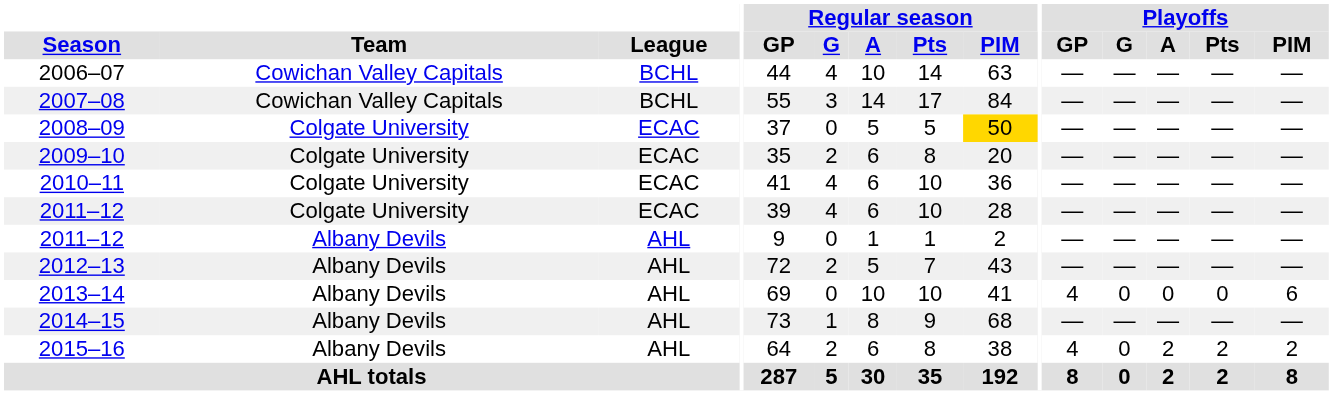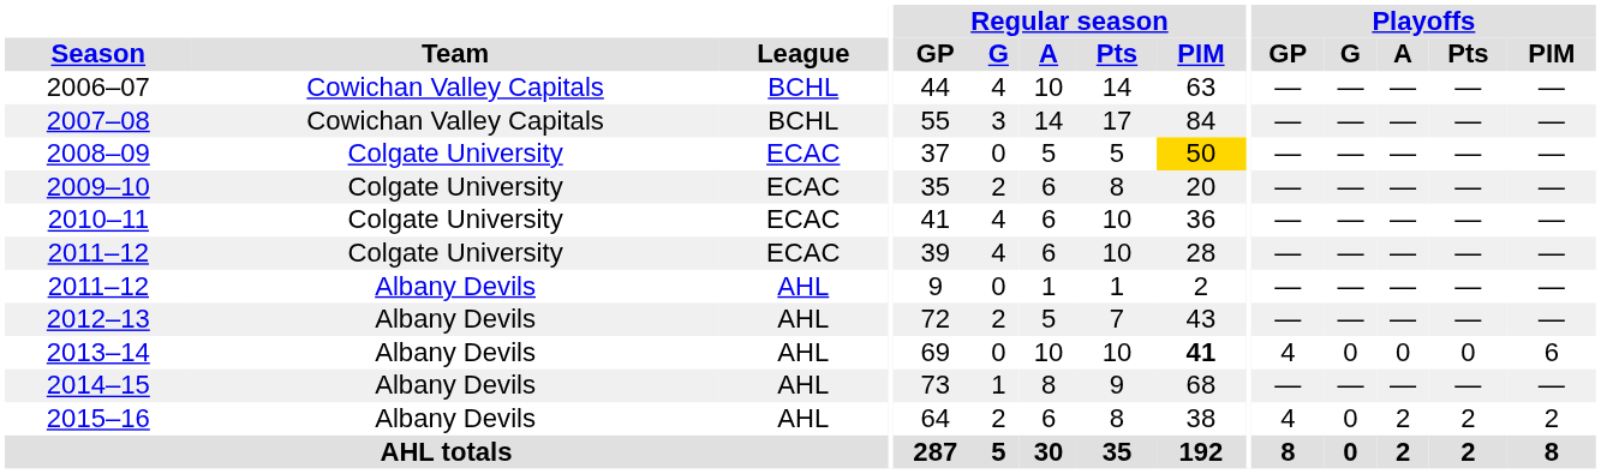 <table border="0" cellpadding="1" cellspacing="0" style="text-align:center; width:60em">
 <tr bgcolor="#e0e0e0">
 <th colspan="3" bgcolor="#ffffff"></th>
 <th rowspan="99" bgcolor="#ffffff"></th>
 <th colspan="5"><a href='#'>Regular season</a></th>
 <th rowspan="99" bgcolor="#ffffff"></th>
 <th colspan="5"><a href='#'>Playoffs</a></th>
 </tr>
 <tr bgcolor="#e0e0e0">
 <th><a href='#'>Season</a></th>
 <th>Team</th>
 <th>League</th>
 <th>GP</th>
 <th><a href='#'>G</a></th>
 <th><a href='#'>A</a></th>
 <th><a href='#'>Pts</a></th>
 <th><a href='#'>PIM</a></th>
 <th>GP</th>
 <th>G</th>
 <th>A</th>
 <th>Pts</th>
 <th>PIM</th>
 </tr>
 <tr>
 <td 2006–07 BCHL season>2006–07</td>
 <td><a href='#'>Cowichan Valley Capitals</a></td>
 <td><a href='#'>BCHL</a></td>
 <td>44</td>
 <td>4</td>
 <td>10</td>
 <td>14</td>
 <td>63</td>
 <td>—</td>
 <td>—</td>
 <td>—</td>
 <td>—</td>
 <td>—</td>
 </tr>
 <tr bgcolor="#f0f0f0">
 <td><a href='#'>2007–08</a></td>
 <td>Cowichan Valley Capitals</td>
 <td>BCHL</td>
 <td>55</td>
 <td>3</td>
 <td>14</td>
 <td>17</td>
 <td>84</td>
 <td>—</td>
 <td>—</td>
 <td>—</td>
 <td>—</td>
 <td>—</td>
 </tr>
 <tr>
 <td><a href='#'>2008–09</a></td>
 <td><a href='#'>Colgate University</a></td>
 <td><a href='#'>ECAC</a></td>
 <td>37</td>
 <td>0</td>
 <td>5</td>
 <td>5</td>
 <td style="background: gold;">50</td>
 <td>—</td>
 <td>—</td>
 <td>—</td>
 <td>—</td>
 <td>—</td>
 </tr>
 <tr bgcolor="#f0f0f0">
 <td><a href='#'>2009–10</a></td>
 <td>Colgate University</td>
 <td>ECAC</td>
 <td>35</td>
 <td>2</td>
 <td>6</td>
 <td>8</td>
 <td>20</td>
 <td>—</td>
 <td>—</td>
 <td>—</td>
 <td>—</td>
 <td>—</td>
 </tr>
 <tr>
 <td><a href='#'>2010–11</a></td>
 <td>Colgate University</td>
 <td>ECAC</td>
 <td>41</td>
 <td>4</td>
 <td>6</td>
 <td>10</td>
 <td>36</td>
 <td>—</td>
 <td>—</td>
 <td>—</td>
 <td>—</td>
 <td>—</td>
 </tr>
 <tr bgcolor="#f0f0f0">
 <td><a href='#'>2011–12</a></td>
 <td>Colgate University</td>
 <td>ECAC</td>
 <td>39</td>
 <td>4</td>
 <td>6</td>
 <td>10</td>
 <td>28</td>
 <td>—</td>
 <td>—</td>
 <td>—</td>
 <td>—</td>
 <td>—</td>
 </tr>
 <tr>
 <td><a href='#'>2011–12</a></td>
 <td><a href='#'>Albany Devils</a></td>
 <td><a href='#'>AHL</a></td>
 <td>9</td>
 <td>0</td>
 <td>1</td>
 <td>1</td>
 <td>2</td>
 <td>—</td>
 <td>—</td>
 <td>—</td>
 <td>—</td>
 <td>—</td>
 </tr>
 <tr bgcolor="#f0f0f0">
 <td><a href='#'>2012–13</a></td>
 <td>Albany Devils</td>
 <td>AHL</td>
 <td>72</td>
 <td>2</td>
 <td>5</td>
 <td>7</td>
 <td>43</td>
 <td>—</td>
 <td>—</td>
 <td>—</td>
 <td>—</td>
 <td>—</td>
 </tr>
 <tr>
 <td><a href='#'>2013–14</a></td>
 <td>Albany Devils</td>
 <td>AHL</td>
 <td>69</td>
 <td>0</td>
 <td>10</td>
 <td>10</td>
-<td>41</td>
+<td><strong>41</strong></td>
 <td>4</td>
 <td>0</td>
 <td>0</td>
 <td>0</td>
 <td>6</td>
 </tr>
 <tr bgcolor="#f0f0f0">
 <td><a href='#'>2014–15</a></td>
 <td>Albany Devils</td>
 <td>AHL</td>
 <td>73</td>
 <td>1</td>
 <td>8</td>
 <td>9</td>
 <td>68</td>
 <td>—</td>
 <td>—</td>
 <td>—</td>
 <td>—</td>
 <td>—</td>
 </tr>
 <tr>
 <td><a href='#'>2015–16</a></td>
 <td>Albany Devils</td>
 <td>AHL</td>
 <td>64</td>
 <td>2</td>
 <td>6</td>
 <td>8</td>
 <td>38</td>
 <td>4</td>
 <td>0</td>
 <td>2</td>
 <td>2</td>
 <td>2</td>
 </tr>
 <tr bgcolor="#e0e0e0">
 <th colspan="3">AHL totals</th>
 <th>287</th>
 <th>5</th>
 <th>30</th>
 <th>35</th>
 <th>192</th>
 <th>8</th>
 <th>0</th>
 <th>2</th>
 <th>2</th>
 <th>8</th>
 </tr>
 </table>
